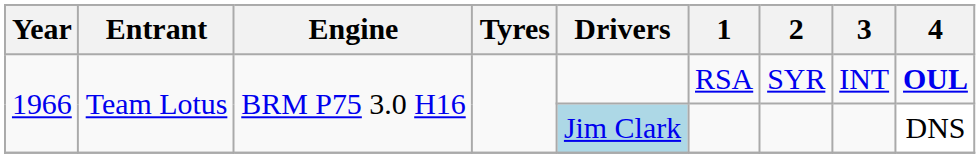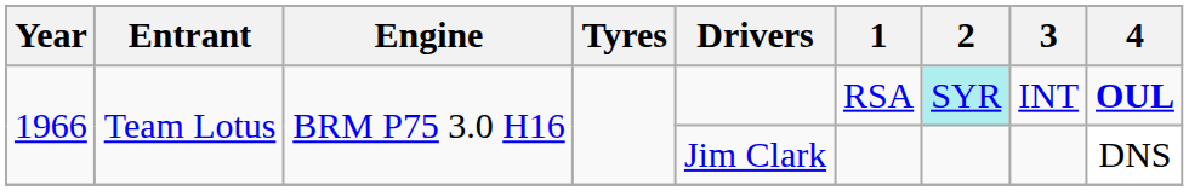 <table class="wikitable" style="text-align:center; font-size:95%">
 <tr>
 <th>Year</th>
 <th>Entrant</th>
 <th>Engine</th>
 <th>Tyres</th>
 <th>Drivers</th>
 <th>1</th>
 <th>2</th>
 <th>3</th>
 <th>4</th>
 </tr>
 <tr>
 <td rowspan=2><a href='#'>1966</a></td>
 <td rowspan=2><a href='#'>Team Lotus</a></td>
 <td rowspan=2><a href='#'>BRM P75</a> 3.0 <a href='#'>H16</a></td>
 <td rowspan=2></td>
 <td></td>
 <td><a href='#'>RSA</a></td>
-<td><a href='#'>SYR</a></td>
+<td style="background: paleturquoise;"><a href='#'>SYR</a></td>
 <td><a href='#'>INT</a></td>
 <td><strong><a href='#'>OUL</a></strong></td>
 </tr>
 <tr>
-<td style="background: lightblue;"><a href='#'>Jim Clark</a></td>
+<td><a href='#'>Jim Clark</a></td>
 <td></td>
 <td></td>
 <td></td>
 <td style="background:#FFFFFF;">DNS</td>
 </tr>
 <tr>
 </tr>
 </table>
